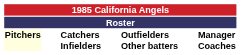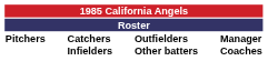 <table class="toccolours" style="font-size: 95%;">
 <tr>
 <th colspan="10" style="background-color: #CE2029; color: #FFFFFF; text-align: center;">1985 California Angels</th>
 </tr>
 <tr>
 <td colspan="10" style="background-color:#333366; color: white; text-align: center;"><strong>Roster</strong></td>
 </tr>
 <tr>
-<td valign="top" style="background: lightyellow;"><strong>Pitchers</strong><br>                  </td>
+<td valign="top"><strong>Pitchers</strong><br>                  </td>
 <td width="25px"></td>
 <td valign="top"><strong>Catchers</strong><br>  <strong>Infielders</strong>         </td>
 <td width="25px"></td>
 <td valign="top"><strong>Outfielders</strong><br>         <strong>Other batters</strong>  </td>
 <td width="25px"></td>
 <td valign="top"><strong>Manager</strong><br> <strong>Coaches</strong>     </td>
 </tr>
 </table>
